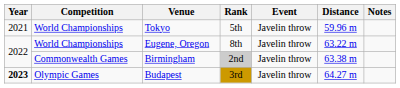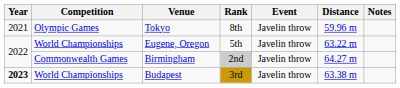 <table class="wikitable" width=50% style="font-size:100%; text-align:center;">
 <tr>
 <th>Year</th>
 <th>Competition</th>
 <th>Venue</th>
 <th>Rank</th>
 <th>Event</th>
 <th>Distance</th>
 <th>Notes</th>
 </tr>
 <tr>
 <td>2021</td>
-<td align=left><a href='#'>World Championships</a></td>
+<td align=left><a href='#'>Olympic Games</a></td>
 <td align=left> <a href='#'>Tokyo</a></td>
-<td>5th</td>
+<td>8th</td>
 <td>Javelin throw</td>
 <td><a href='#'>59.96 m</a></td>
 <td></td>
 </tr>
 <tr>
 <td rowspan="2">2022</td>
 <td align=left><a href='#'>World Championships</a></td>
 <td align=left> <a href='#'>Eugene, Oregon</a></td>
-<td>8th</td>
+<td>5th</td>
 <td>Javelin throw</td>
 <td><a href='#'>63.22 m</a></td>
 </tr>
 <tr>
 <td align=left><a href='#'>Commonwealth Games</a></td>
 <td align=left> <a href='#'>Birmingham</a></td>
 <td bgcolor="#cccccc">2nd</td>
 <td>Javelin throw</td>
-<td><a href='#'>63.38 m</a></td>
+<td><a href='#'>64.27 m</a></td>
 <td></td>
 </tr>
 <tr>
 <td><strong>2023</strong></td>
-<td align=left><a href='#'>Olympic Games</a></td>
+<td align=left><a href='#'>World Championships</a></td>
 <td align=left> <a href='#'>Budapest</a></td>
 <td bgcolor=cc9900>3rd</td>
 <td>Javelin throw</td>
-<td><a href='#'>64.27 m</a></td>
+<td><a href='#'>63.38 m</a></td>
 </tr>
 </table>
